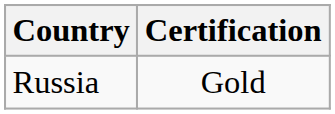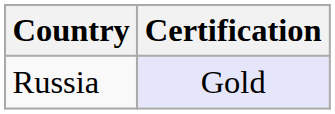 <table class="wikitable">
 <tr>
 <th align="left">Country</th>
 <th align="left">Certification</th>
 </tr>
 <tr>
 <td align="left">Russia</td>
-<td align="center">Gold</td>
+<td align="center" style="background: lavender;">Gold</td>
 </tr>
 </table>
